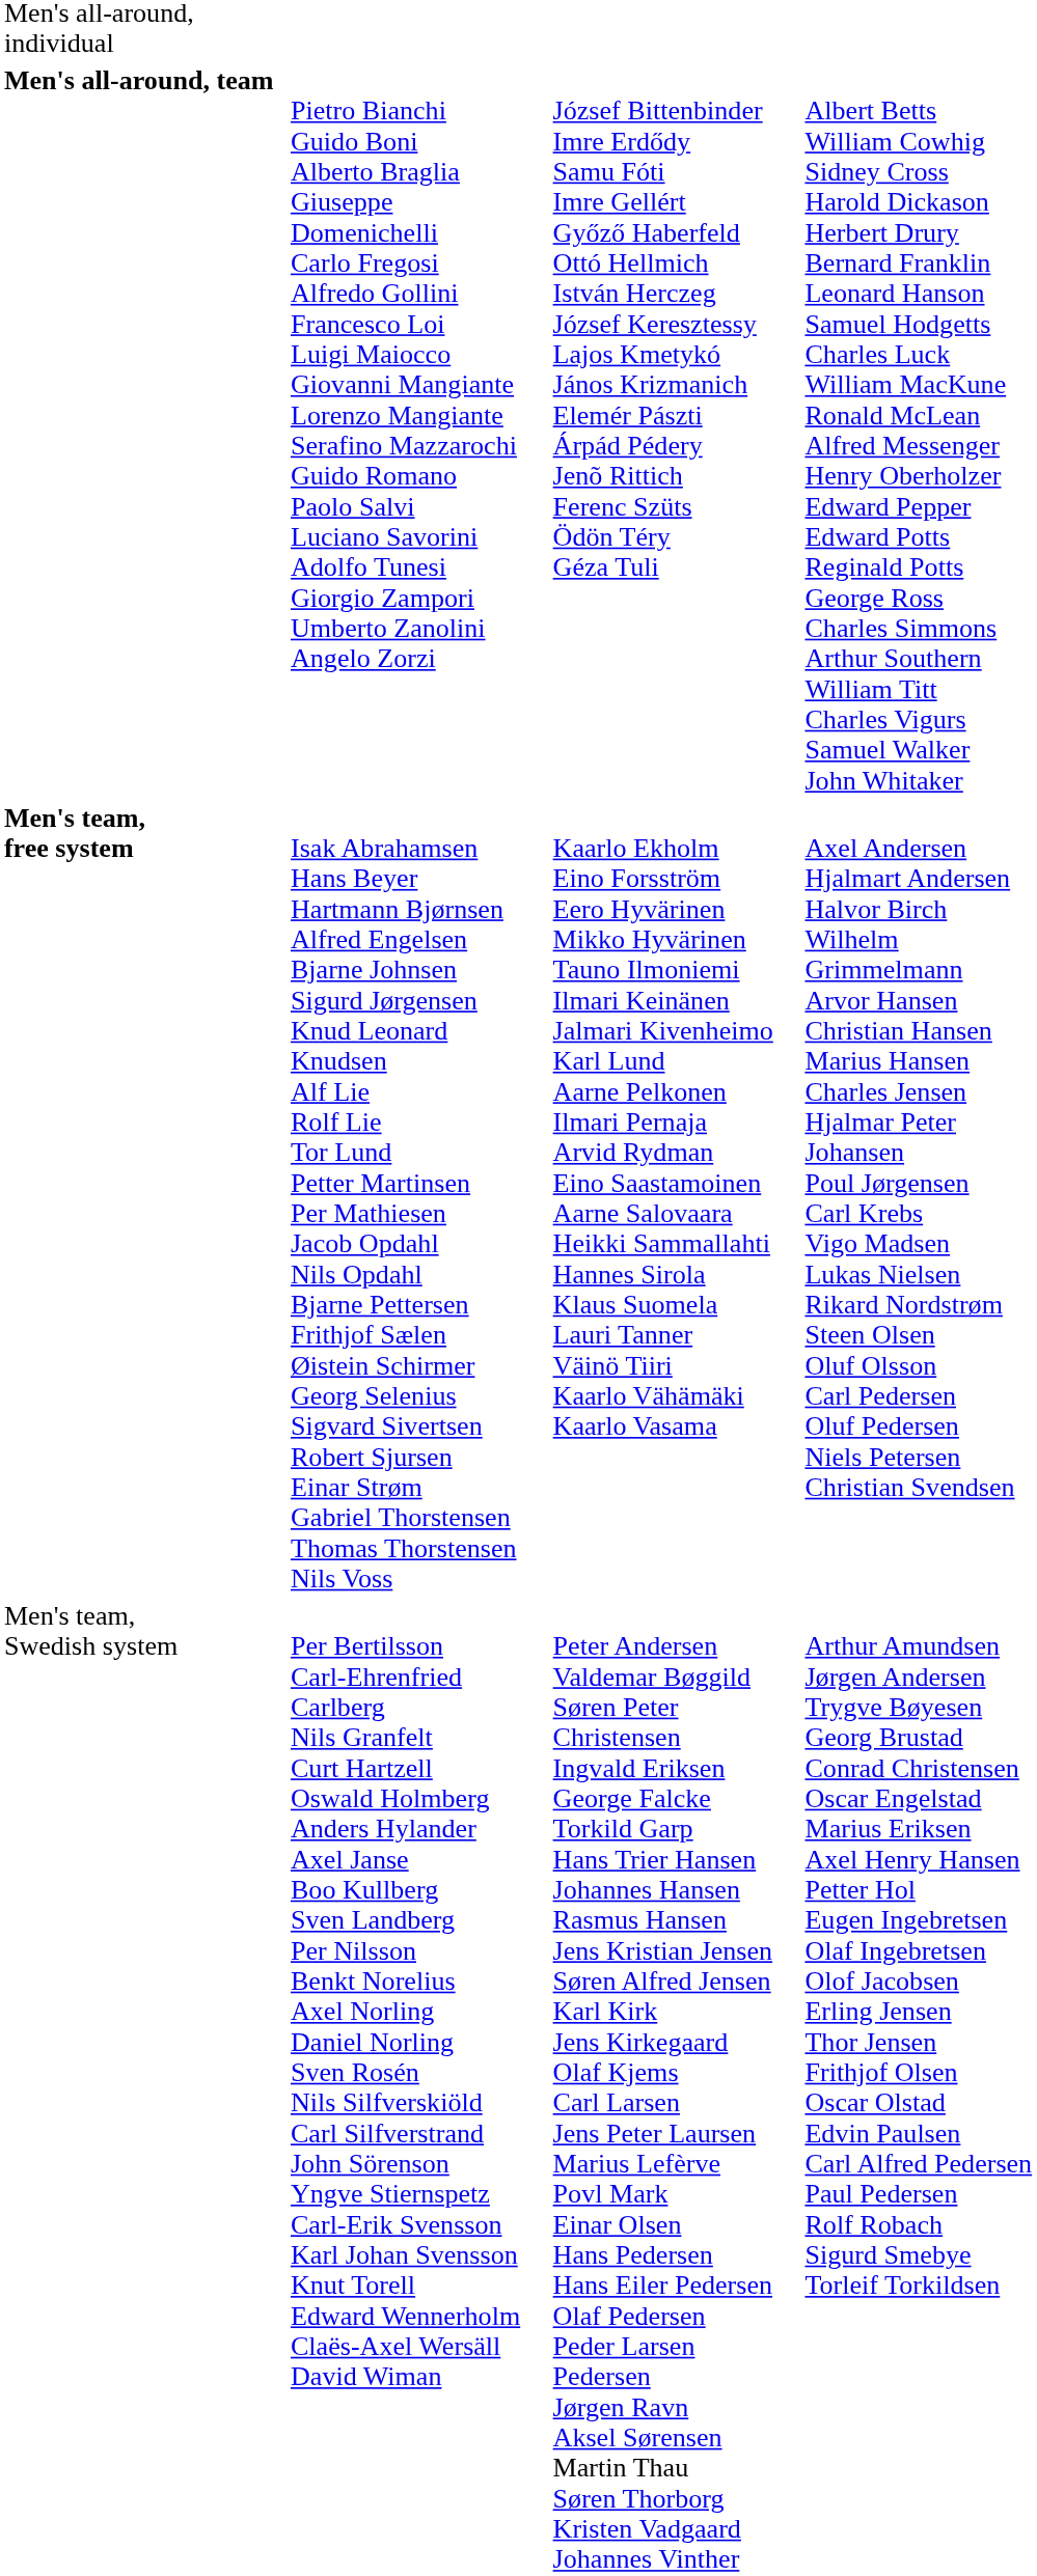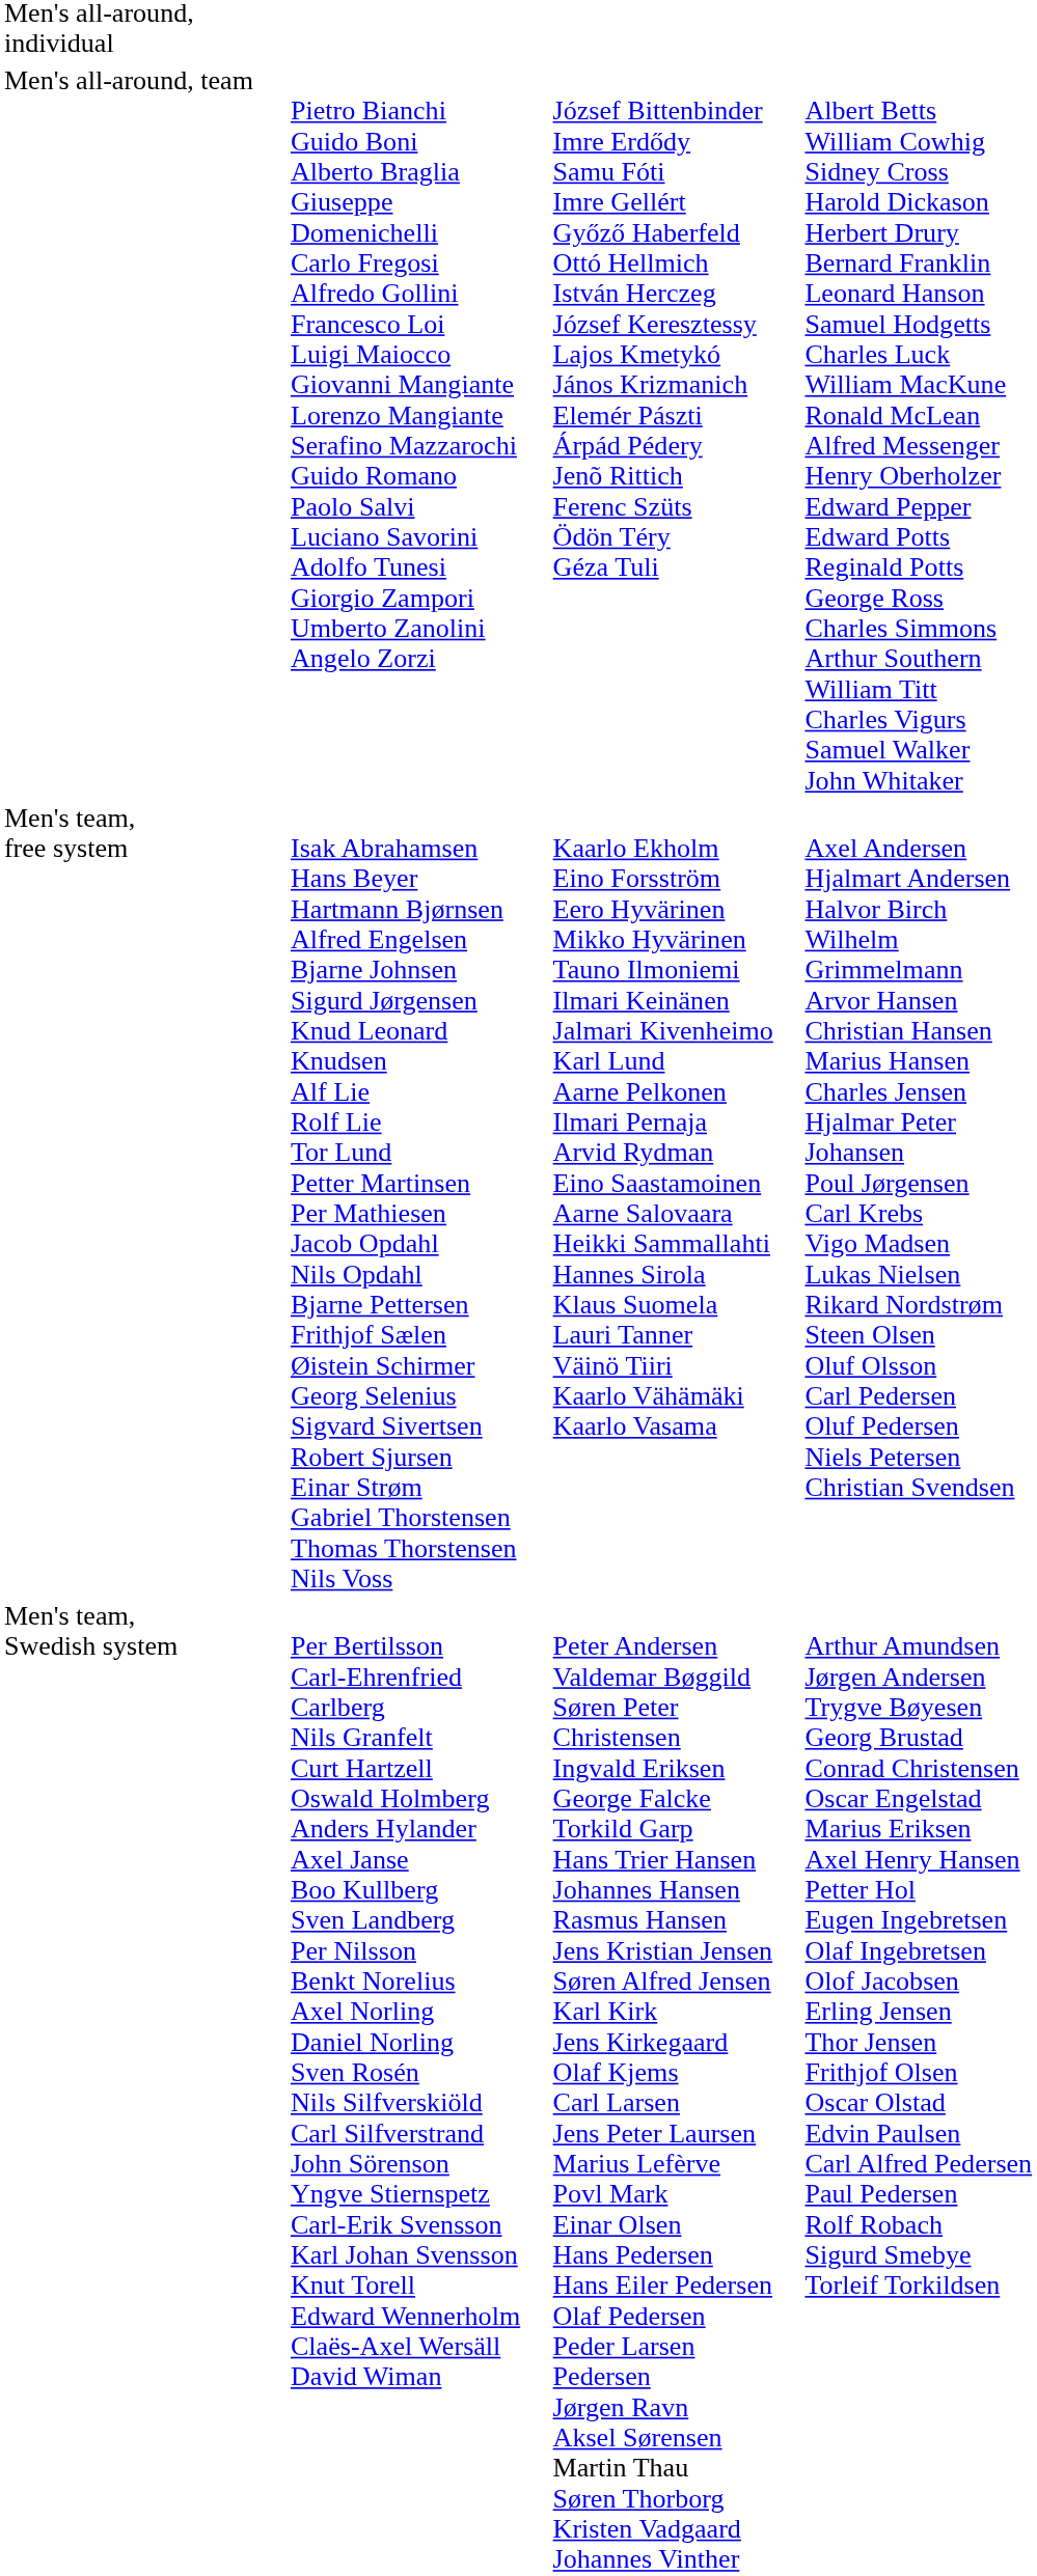 <table>
 <tr valign="top">
 <td>Men's all-around, individual <br></td>
 <td></td>
 <td></td>
 <td></td>
 </tr>
 <tr valign="top">
-<td><strong>Men's all-around, team <br></strong></td>
+<td>Men's all-around, team <br></td>
 <td valign=top><br><a href='#'>Pietro Bianchi</a><br><a href='#'>Guido Boni</a><br><a href='#'>Alberto Braglia</a><br><a href='#'>Giuseppe Domenichelli</a><br><a href='#'>Carlo Fregosi</a><br><a href='#'>Alfredo Gollini</a><br><a href='#'>Francesco Loi</a><br><a href='#'>Luigi Maiocco</a><br><a href='#'>Giovanni Mangiante</a><br><a href='#'>Lorenzo Mangiante</a><br><a href='#'>Serafino Mazzarochi</a><br><a href='#'>Guido Romano</a><br><a href='#'>Paolo Salvi</a><br><a href='#'>Luciano Savorini</a><br><a href='#'>Adolfo Tunesi</a><br><a href='#'>Giorgio Zampori</a><br><a href='#'>Umberto Zanolini</a><br><a href='#'>Angelo Zorzi</a></td>
 <td valign=top><br><a href='#'>József Bittenbinder</a><br><a href='#'>Imre Erdődy</a><br><a href='#'>Samu Fóti</a><br><a href='#'>Imre Gellért</a><br><a href='#'>Győző Haberfeld</a><br><a href='#'>Ottó Hellmich</a><br><a href='#'>István Herczeg</a><br><a href='#'>József Keresztessy</a><br><a href='#'>Lajos Kmetykó</a><br><a href='#'>János Krizmanich</a><br><a href='#'>Elemér Pászti</a><br><a href='#'>Árpád Pédery</a><br><a href='#'>Jenõ Rittich</a><br><a href='#'>Ferenc Szüts</a><br><a href='#'>Ödön Téry</a><br><a href='#'>Géza Tuli</a></td>
 <td valign=top><br><a href='#'>Albert Betts</a><br><a href='#'>William Cowhig</a><br><a href='#'>Sidney Cross</a><br><a href='#'>Harold Dickason</a><br><a href='#'>Herbert Drury</a><br><a href='#'>Bernard Franklin</a><br><a href='#'>Leonard Hanson</a><br><a href='#'>Samuel Hodgetts</a><br><a href='#'>Charles Luck</a><br><a href='#'>William MacKune</a><br><a href='#'>Ronald McLean</a><br><a href='#'>Alfred Messenger</a><br><a href='#'>Henry Oberholzer</a><br><a href='#'>Edward Pepper</a><br><a href='#'>Edward Potts</a><br><a href='#'>Reginald Potts</a><br><a href='#'>George Ross</a><br><a href='#'>Charles Simmons</a><br><a href='#'>Arthur Southern</a><br><a href='#'>William Titt</a><br><a href='#'>Charles Vigurs</a><br><a href='#'>Samuel Walker</a><br><a href='#'>John Whitaker</a></td>
 </tr>
 <tr valign="top">
-<td><strong>Men's team,<br> free system<br></strong></td>
+<td>Men's team,<br> free system<br></td>
 <td valign=top><br><a href='#'>Isak Abrahamsen</a><br><a href='#'>Hans Beyer</a><br><a href='#'>Hartmann Bjørnsen</a><br><a href='#'>Alfred Engelsen</a><br><a href='#'>Bjarne Johnsen</a><br><a href='#'>Sigurd Jørgensen</a><br><a href='#'>Knud Leonard Knudsen</a><br><a href='#'>Alf Lie</a><br><a href='#'>Rolf Lie</a><br><a href='#'>Tor Lund</a><br><a href='#'>Petter Martinsen</a><br><a href='#'>Per Mathiesen</a><br><a href='#'>Jacob Opdahl</a><br><a href='#'>Nils Opdahl</a><br><a href='#'>Bjarne Pettersen</a><br><a href='#'>Frithjof Sælen</a><br><a href='#'>Øistein Schirmer</a><br><a href='#'>Georg Selenius</a><br><a href='#'>Sigvard Sivertsen</a><br><a href='#'>Robert Sjursen</a><br><a href='#'>Einar Strøm</a><br><a href='#'>Gabriel Thorstensen</a><br><a href='#'>Thomas Thorstensen</a><br><a href='#'>Nils Voss</a></td>
 <td valign=top><br><a href='#'>Kaarlo Ekholm</a><br><a href='#'>Eino Forsström</a><br><a href='#'>Eero Hyvärinen</a><br><a href='#'>Mikko Hyvärinen</a><br><a href='#'>Tauno Ilmoniemi</a><br><a href='#'>Ilmari Keinänen</a><br><a href='#'>Jalmari Kivenheimo</a><br><a href='#'>Karl Lund</a><br><a href='#'>Aarne Pelkonen</a><br><a href='#'>Ilmari Pernaja</a><br><a href='#'>Arvid Rydman</a><br><a href='#'>Eino Saastamoinen</a><br><a href='#'>Aarne Salovaara</a><br><a href='#'>Heikki Sammallahti</a><br><a href='#'>Hannes Sirola</a><br><a href='#'>Klaus Suomela</a><br><a href='#'>Lauri Tanner</a><br><a href='#'>Väinö Tiiri</a><br><a href='#'>Kaarlo Vähämäki</a><br><a href='#'>Kaarlo Vasama</a></td>
 <td valign=top><br><a href='#'>Axel Andersen</a><br><a href='#'>Hjalmart Andersen</a><br><a href='#'>Halvor Birch</a><br><a href='#'>Wilhelm Grimmelmann</a><br><a href='#'>Arvor Hansen</a><br><a href='#'>Christian Hansen</a><br><a href='#'>Marius Hansen</a><br><a href='#'>Charles Jensen</a><br><a href='#'>Hjalmar Peter Johansen</a><br><a href='#'>Poul Jørgensen</a><br><a href='#'>Carl Krebs</a><br><a href='#'>Vigo Madsen</a><br><a href='#'>Lukas Nielsen</a><br><a href='#'>Rikard Nordstrøm</a><br><a href='#'>Steen Olsen</a><br><a href='#'>Oluf Olsson</a><br><a href='#'>Carl Pedersen</a><br><a href='#'>Oluf Pedersen</a><br><a href='#'>Niels Petersen</a><br><a href='#'>Christian Svendsen</a></td>
 </tr>
 <tr valign="top">
 <td>Men's team,<br> Swedish system<br></td>
 <td valign=top><br><a href='#'>Per Bertilsson</a><br><a href='#'>Carl-Ehrenfried Carlberg</a><br><a href='#'>Nils Granfelt</a><br><a href='#'>Curt Hartzell</a><br><a href='#'>Oswald Holmberg</a><br><a href='#'>Anders Hylander</a><br><a href='#'>Axel Janse</a><br><a href='#'>Boo Kullberg</a><br><a href='#'>Sven Landberg</a><br><a href='#'>Per Nilsson</a><br><a href='#'>Benkt Norelius</a><br><a href='#'>Axel Norling</a><br><a href='#'>Daniel Norling</a><br><a href='#'>Sven Rosén</a><br><a href='#'>Nils Silfverskiöld</a><br><a href='#'>Carl Silfverstrand</a><br><a href='#'>John Sörenson</a><br><a href='#'>Yngve Stiernspetz</a><br><a href='#'>Carl-Erik Svensson</a><br><a href='#'>Karl Johan Svensson</a><br><a href='#'>Knut Torell</a><br><a href='#'>Edward Wennerholm</a><br><a href='#'>Claës-Axel Wersäll</a><br><a href='#'>David Wiman</a></td>
 <td valign=top><br><a href='#'>Peter Andersen</a><br><a href='#'>Valdemar Bøggild</a><br><a href='#'>Søren Peter Christensen</a><br><a href='#'>Ingvald Eriksen</a><br><a href='#'>George Falcke</a><br><a href='#'>Torkild Garp</a><br><a href='#'>Hans Trier Hansen</a><br><a href='#'>Johannes Hansen</a><br><a href='#'>Rasmus Hansen</a><br><a href='#'>Jens Kristian Jensen</a><br><a href='#'>Søren Alfred Jensen</a><br><a href='#'>Karl Kirk</a><br><a href='#'>Jens Kirkegaard</a><br><a href='#'>Olaf Kjems</a><br><a href='#'>Carl Larsen</a><br><a href='#'>Jens Peter Laursen</a><br><a href='#'>Marius Lefèrve</a><br><a href='#'>Povl Mark</a><br><a href='#'>Einar Olsen</a><br><a href='#'>Hans Pedersen</a><br><a href='#'>Hans Eiler Pedersen</a><br><a href='#'>Olaf Pedersen</a><br><a href='#'>Peder Larsen Pedersen</a><br><a href='#'>Jørgen Ravn</a><br><a href='#'>Aksel Sørensen</a><br>Martin Thau<br><a href='#'>Søren Thorborg</a><br><a href='#'>Kristen Vadgaard</a><br><a href='#'>Johannes Vinther</a></td>
 <td valign=top><br><a href='#'>Arthur Amundsen</a><br><a href='#'>Jørgen Andersen</a><br><a href='#'>Trygve Bøyesen</a><br><a href='#'>Georg Brustad</a><br><a href='#'>Conrad Christensen</a><br><a href='#'>Oscar Engelstad</a><br><a href='#'>Marius Eriksen</a><br><a href='#'>Axel Henry Hansen</a><br><a href='#'>Petter Hol</a><br><a href='#'>Eugen Ingebretsen</a><br><a href='#'>Olaf Ingebretsen</a><br><a href='#'>Olof Jacobsen</a><br><a href='#'>Erling Jensen</a><br><a href='#'>Thor Jensen</a><br><a href='#'>Frithjof Olsen</a><br><a href='#'>Oscar Olstad</a><br><a href='#'>Edvin Paulsen</a><br><a href='#'>Carl Alfred Pedersen</a><br><a href='#'>Paul Pedersen</a><br><a href='#'>Rolf Robach</a><br><a href='#'>Sigurd Smebye</a><br><a href='#'>Torleif Torkildsen</a></td>
 </tr>
 </table>
